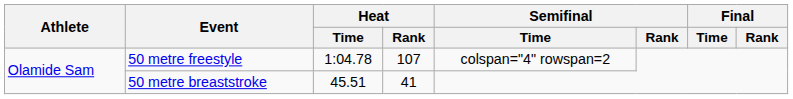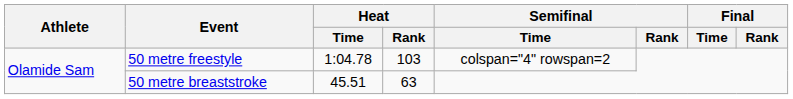 <table class="wikitable" style="text-align:center; font-size:90%; width:50%;">
 <tr>
 <th rowspan="2">Athlete</th>
 <th rowspan="2">Event</th>
 <th colspan="2">Heat</th>
 <th colspan="2">Semifinal</th>
 <th colspan="2">Final</th>
 </tr>
 <tr style="font-size:95%">
 <th>Time</th>
 <th>Rank</th>
 <th>Time</th>
 <th>Rank</th>
 <th>Time</th>
 <th>Rank</th>
 </tr>
 <tr>
 <td align=left rowspan=2><a href='#'>Olamide Sam</a></td>
 <td align=left><a href='#'>50 metre freestyle</a></td>
 <td>1:04.78</td>
-<td>107</td>
+<td>103</td>
 <td>colspan="4" rowspan=2 </td>
 </tr>
 <tr>
 <td align=left><a href='#'>50 metre breaststroke</a></td>
 <td>45.51</td>
-<td>41</td>
+<td>63</td>
 </tr>
 </table>
